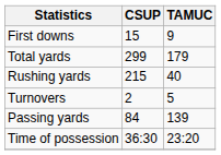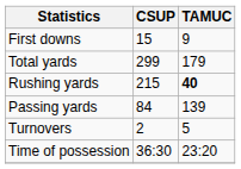 <table class="wikitable" style="float: left;">
 <tr>
 <th>Statistics</th>
 <th>CSUP</th>
 <th>TAMUC</th>
 </tr>
 <tr>
 <td>First downs</td>
 <td>15</td>
 <td>9</td>
 </tr>
 <tr>
 <td>Total yards</td>
 <td>299</td>
 <td>179</td>
 </tr>
 <tr>
 <td>Rushing yards</td>
 <td>215</td>
-<td>40</td>
+<td><strong>40</strong></td>
+</tr>
+<tr>
+<td>Passing yards</td>
+<td>84</td>
+<td>139</td>
 </tr>
 <tr>
 <td>Turnovers</td>
 <td>2</td>
 <td>5</td>
-</tr>
-<tr>
-<td>Passing yards</td>
-<td>84</td>
-<td>139</td>
 </tr>
 <tr>
 <td>Time of possession</td>
 <td>36:30</td>
 <td>23:20</td>
 </tr>
 <tr>
 </tr>
 </table>
